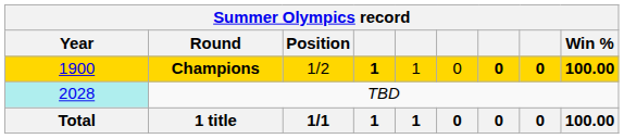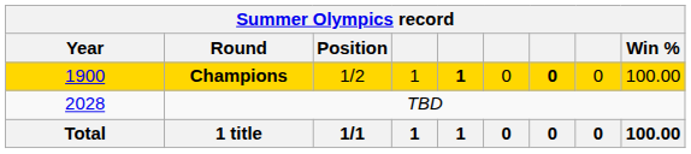 <table class="wikitable" style="text-align:center">
 <tr>
 <th colspan=9><a href='#'>Summer Olympics</a> record</th>
 </tr>
 <tr>
 <th width=200>Year</th>
 <th width=150>Round</th>
 <th width=50>Position</th>
 <th width=50></th>
 <th width=50></th>
 <th width=50></th>
 <th width=50></th>
 <th width=50></th>
 <th width=50>Win %</th>
 </tr>
 <tr style="background:Gold">
 <td> <a href='#'>1900</a></td>
 <td><strong>Champions</strong></td>
 <td>1/2</td>
+<td>1</td>
 <td><strong>1</strong></td>
-<td>1</td>
 <td>0</td>
 <td><strong>0</strong></td>
-<td><strong>0</strong></td>
-<td><strong>100.00</strong></td>
+<td>0</td>
+<td>100.00</td>
 </tr>
 <tr>
-<td style="background: paleturquoise;"> <a href='#'>2028</a></td>
+<td> <a href='#'>2028</a></td>
 <td colspan=8><em>TBD</em></td>
 </tr>
 <tr>
 <th>Total</th>
 <th>1 title</th>
 <th>1/1</th>
 <th>1</th>
 <th>1</th>
 <th>0</th>
 <th>0</th>
 <th>0</th>
 <th>100.00</th>
 </tr>
 </table>
